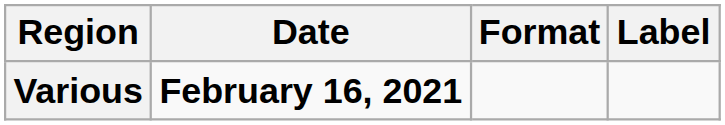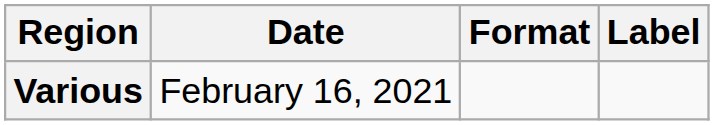 <table class="wikitable plainrowheaders">
 <tr>
 <th>Region</th>
 <th>Date</th>
 <th>Format</th>
 <th>Label</th>
 </tr>
 <tr>
 <th scope="row">Various</th>
-<td><strong>February 16, 2021</strong></td>
+<td>February 16, 2021</td>
 <td></td>
 <td rowspan="2"></td>
 </tr>
 </table>
